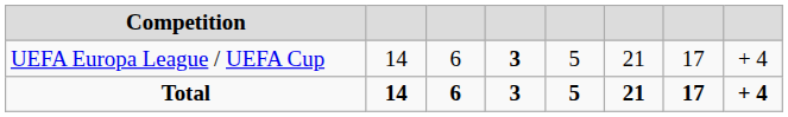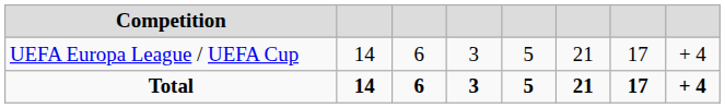 <table class="wikitable" style="text-align: center;">
 <tr>
 <th width="250" style="background:#DCDCDC">Competition</th>
 <th width="35" style="background:#DCDCDC"></th>
 <th width="35" style="background:#DCDCDC"></th>
 <th width="35" style="background:#DCDCDC"></th>
 <th width="35" style="background:#DCDCDC"></th>
 <th width="35" style="background:#DCDCDC"></th>
 <th width="35" style="background:#DCDCDC"></th>
 <th width="35" style="background:#DCDCDC"></th>
 </tr>
 <tr>
 <td align=left><a href='#'>UEFA Europa League</a> / <a href='#'>UEFA Cup</a></td>
 <td>14</td>
 <td>6</td>
-<td><strong>3</strong></td>
+<td>3</td>
 <td>5</td>
 <td>21</td>
 <td>17</td>
 <td>+ 4</td>
 </tr>
 <tr>
 <td><strong>Total</strong></td>
 <td><strong>14</strong></td>
 <td><strong>6</strong></td>
 <td><strong>3</strong></td>
 <td><strong>5</strong></td>
 <td><strong>21</strong></td>
 <td><strong>17</strong></td>
 <td><strong>+ 4</strong></td>
 </tr>
 </table>
